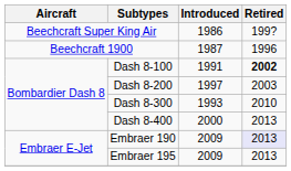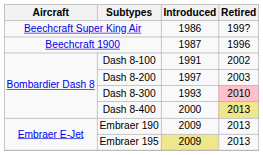 <table class="wikitable" style="margin:0.5em auto; text-align:center">
 <tr>
 <th>Aircraft</th>
 <th>Subtypes</th>
 <th>Introduced</th>
 <th>Retired</th>
 </tr>
 <tr>
 <td colspan=2><a href='#'>Beechcraft Super King Air</a></td>
 <td>1986</td>
 <td>199?</td>
 </tr>
 <tr>
 <td colspan=2><a href='#'>Beechcraft 1900</a></td>
 <td>1987</td>
 <td>1996</td>
 </tr>
 <tr>
 <td rowspan=4><a href='#'>Bombardier Dash 8</a></td>
 <td>Dash 8-100</td>
 <td>1991</td>
-<td><strong>2002</strong></td>
+<td>2002</td>
 </tr>
 <tr>
 <td>Dash 8-200</td>
 <td>1997</td>
 <td>2003</td>
 </tr>
 <tr>
 <td>Dash 8-300</td>
 <td>1993</td>
-<td>2010</td>
+<td style="background: pink;">2010</td>
 </tr>
 <tr>
 <td>Dash 8-400</td>
 <td>2000</td>
-<td>2013</td>
+<td style="background: khaki;">2013</td>
 </tr>
 <tr>
 <td rowspan=2><a href='#'>Embraer E-Jet</a></td>
 <td>Embraer 190</td>
 <td>2009</td>
-<td style="background: lavender;">2013</td>
+<td>2013</td>
 </tr>
 <tr>
 <td>Embraer 195</td>
-<td>2009</td>
+<td style="background: khaki;">2009</td>
 <td>2013</td>
 </tr>
 <tr>
 </tr>
 </table>
